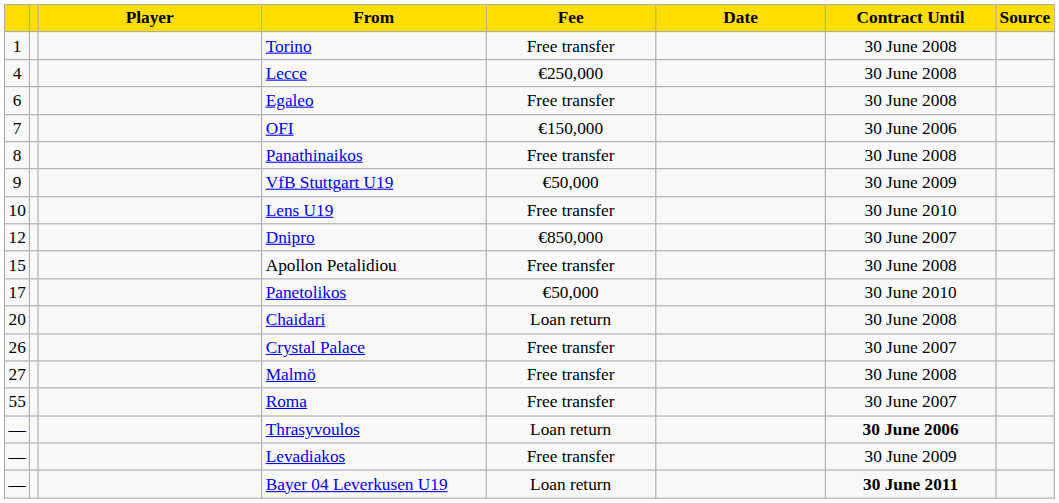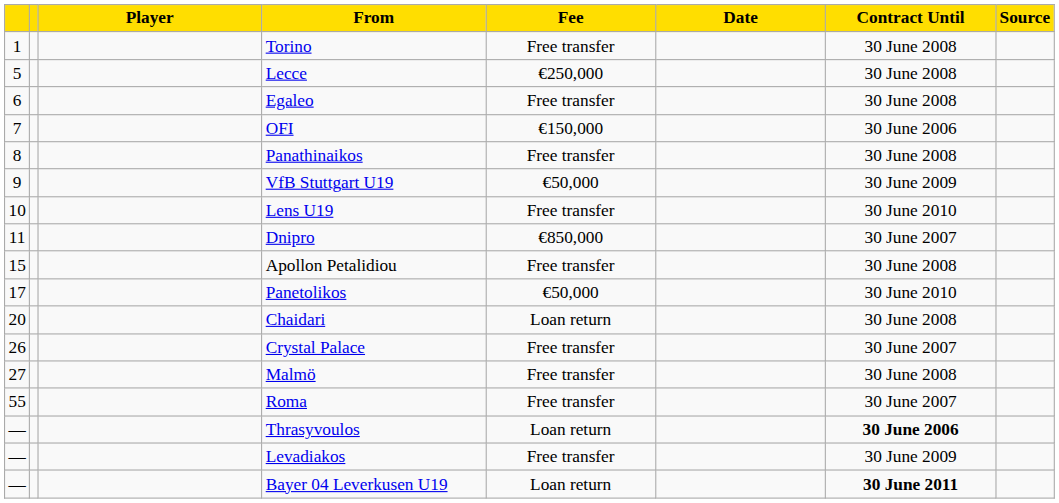 <table class="wikitable sortable">
 <tr>
 <th style="background:#FFDE00"></th>
 <th style="background:#FFDE00"></th>
 <th width=200 style="background:#FFDE00">Player</th>
 <th width=200 style="background:#FFDE00">From</th>
 <th width=150 style="background:#FFDE00">Fee</th>
 <th width=150 style="background:#FFDE00">Date</th>
 <th width=150 style="background:#FFDE00">Contract Until</th>
 <th style="background:#FFDE00">Source</th>
 </tr>
 <tr>
 <td align=center>1</td>
 <td align=center></td>
 <td></td>
 <td> <a href='#'>Torino</a></td>
 <td align=center>Free transfer</td>
 <td align=center></td>
 <td align=center>30 June 2008</td>
 <td align=center></td>
 </tr>
 <tr>
-<td align=center>4</td>
+<td align=center>5</td>
 <td align=center></td>
 <td></td>
 <td> <a href='#'>Lecce</a></td>
 <td align=center>€250,000</td>
 <td align=center></td>
 <td align=center>30 June 2008</td>
 <td align=center></td>
 </tr>
 <tr>
 <td align=center>6</td>
 <td align=center></td>
 <td></td>
 <td> <a href='#'>Egaleo</a></td>
 <td align=center>Free transfer</td>
 <td align=center></td>
 <td align=center>30 June 2008</td>
 <td align=center></td>
 </tr>
 <tr>
 <td align=center>7</td>
 <td align=center></td>
 <td></td>
 <td> <a href='#'>OFI</a></td>
 <td align=center>€150,000</td>
 <td align=center></td>
 <td align=center>30 June 2006</td>
 <td align=center></td>
 </tr>
 <tr>
 <td align=center>8</td>
 <td align=center></td>
 <td></td>
 <td> <a href='#'>Panathinaikos</a></td>
 <td align=center>Free transfer</td>
 <td align=center></td>
 <td align=center>30 June 2008</td>
 <td align=center></td>
 </tr>
 <tr>
 <td align=center>9</td>
 <td align=center></td>
 <td></td>
 <td> <a href='#'>VfB Stuttgart U19</a></td>
 <td align=center>€50,000</td>
 <td align=center></td>
 <td align=center>30 June 2009</td>
 <td align=center></td>
 </tr>
 <tr>
 <td align=center>10</td>
 <td align=center></td>
 <td></td>
 <td> <a href='#'>Lens U19</a></td>
 <td align=center>Free transfer</td>
 <td align=center></td>
 <td align=center>30 June 2010</td>
 <td align=center></td>
 </tr>
 <tr>
-<td align=center>12</td>
+<td align=center>11</td>
 <td align=center></td>
 <td></td>
 <td> <a href='#'>Dnipro</a></td>
 <td align=center>€850,000</td>
 <td align=center></td>
 <td align=center>30 June 2007</td>
 <td align=center></td>
 </tr>
 <tr>
 <td align=center>15</td>
 <td align=center></td>
 <td></td>
 <td> Apollon Petalidiou</td>
 <td align=center>Free transfer</td>
 <td align=center></td>
 <td align=center>30 June 2008</td>
 <td align=center></td>
 </tr>
 <tr>
 <td align=center>17</td>
 <td align=center></td>
 <td></td>
 <td> <a href='#'>Panetolikos</a></td>
 <td align=center>€50,000</td>
 <td align=center></td>
 <td align=center>30 June 2010</td>
 <td align=center></td>
 </tr>
 <tr>
 <td align=center>20</td>
 <td align=center></td>
 <td></td>
 <td> <a href='#'>Chaidari</a></td>
 <td align=center>Loan return</td>
 <td align=center></td>
 <td align=center>30 June 2008</td>
 <td align=center></td>
 </tr>
 <tr>
 <td align=center>26</td>
 <td align=center></td>
 <td></td>
 <td> <a href='#'>Crystal Palace</a></td>
 <td align=center>Free transfer</td>
 <td align=center></td>
 <td align=center>30 June 2007</td>
 <td align=center></td>
 </tr>
 <tr>
 <td align=center>27</td>
 <td align=center></td>
 <td></td>
 <td> <a href='#'>Malmö</a></td>
 <td align=center>Free transfer</td>
 <td align=center></td>
 <td align=center>30 June 2008</td>
 <td align=center></td>
 </tr>
 <tr>
 <td align=center>55</td>
 <td align=center></td>
 <td></td>
 <td> <a href='#'>Roma</a></td>
 <td align=center>Free transfer</td>
 <td align=center></td>
 <td align=center>30 June 2007</td>
 <td align=center></td>
 </tr>
 <tr>
 <td align=center>—</td>
 <td align=center></td>
 <td></td>
 <td> <a href='#'>Thrasyvoulos</a></td>
 <td align=center>Loan return</td>
 <td align=center></td>
 <td align=center><strong>30 June 2006</strong></td>
 <td align=center></td>
 </tr>
 <tr>
 <td align=center>—</td>
 <td align=center></td>
 <td></td>
 <td> <a href='#'>Levadiakos</a></td>
 <td align=center>Free transfer</td>
 <td align=center></td>
 <td align=center>30 June 2009</td>
 <td align=center></td>
 </tr>
 <tr>
 <td align=center>—</td>
 <td align=center></td>
 <td></td>
 <td> <a href='#'>Bayer 04 Leverkusen U19</a></td>
 <td align=center>Loan return</td>
 <td align=center></td>
 <td align=center><strong>30 June 2011</strong></td>
 <td align=center></td>
 </tr>
 </table>
